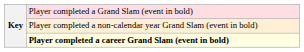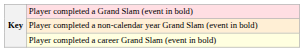 <table class="wikitable" style="font-size:85%; width:34em">
 <tr>
 <th rowspan=3>Key</th>
 <td style="background: #ffdee3;">Player completed a Grand Slam (event in bold)</td>
 </tr>
 <tr>
 <td style="background: #ffefd5">Player completed a non-calendar year Grand Slam (event in bold)</td>
 </tr>
 <tr>
-<td style="background: #ffffe0"><strong>Player completed a career Grand Slam (event in bold)</strong></td>
+<td style="background: #ffffe0">Player completed a career Grand Slam (event in bold)</td>
 </tr>
 </table>
